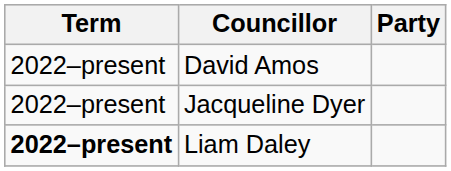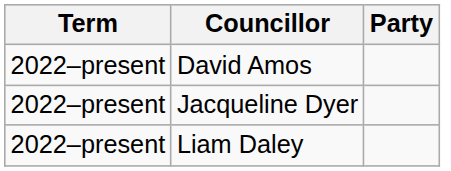 <table class="wikitable">
 <tr>
 <th>Term</th>
 <th>Councillor</th>
 <th colspan=2>Party</th>
 </tr>
 <tr>
 <td>2022–present</td>
 <td>David Amos</td>
 <td></td>
 </tr>
 <tr>
 <td>2022–present</td>
 <td>Jacqueline Dyer</td>
 <td></td>
 </tr>
 <tr>
-<td><strong>2022–present</strong></td>
+<td>2022–present</td>
 <td>Liam Daley</td>
 <td></td>
 </tr>
 </table>
